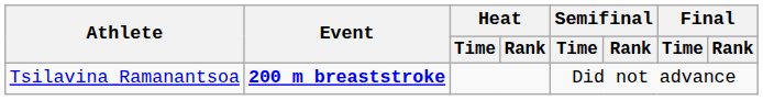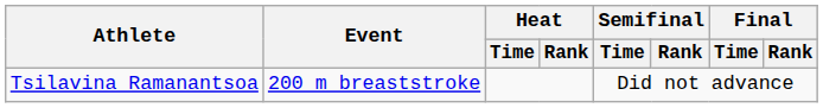 <table class=wikitable style="font-size:90%">
 <tr>
 <th rowspan=2>Athlete</th>
 <th rowspan=2>Event</th>
 <th colspan="2">Heat</th>
 <th colspan="2">Semifinal</th>
 <th colspan="2">Final</th>
 </tr>
 <tr style="font-size:95%">
 <th>Time</th>
 <th>Rank</th>
 <th>Time</th>
 <th>Rank</th>
 <th>Time</th>
 <th>Rank</th>
 </tr>
 <tr align=center>
 <td align=left><a href='#'>Tsilavina Ramanantsoa</a></td>
-<td align=left><strong><a href='#'>200 m breaststroke</a></strong></td>
+<td align=left><a href='#'>200 m breaststroke</a></td>
 <td colspan=2></td>
 <td colspan=4>Did not advance</td>
 </tr>
 </table>
